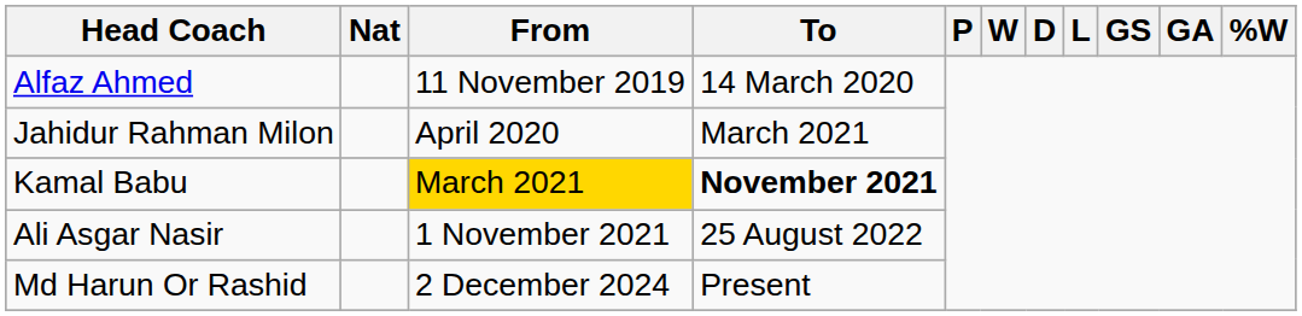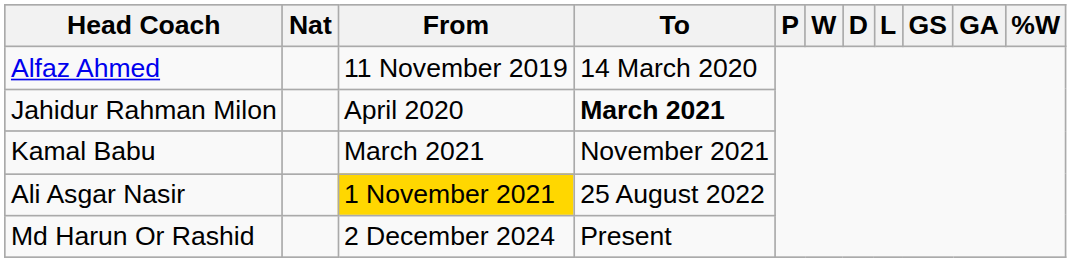 <table class="wikitable sortable" style="tex-align:center">
 <tr>
 <th>Head Coach</th>
 <th>Nat</th>
 <th class="unsortable">From</th>
 <th class="unsortable">To</th>
 <th abbr="1">P</th>
 <th abbr="0">W</th>
 <th abbr="0">D</th>
 <th abbr="1">L</th>
 <th abbr="0">GS</th>
 <th abbr="1">GA</th>
 <th abbr="00">%W</th>
 </tr>
 <tr>
 <td align=left><a href='#'>Alfaz Ahmed</a></td>
 <td align=left></td>
 <td align=left>11 November 2019</td>
 <td align=left>14 March 2020<br></td>
 </tr>
 <tr>
 <td align=left>Jahidur Rahman Milon</td>
 <td align=left></td>
 <td align=left>April 2020</td>
-<td align=left>March 2021<br></td>
+<td align=left><strong>March 2021<br></strong></td>
 </tr>
 <tr>
 <td align=left>Kamal Babu</td>
 <td align=left></td>
-<td align=left style="background: gold;">March  2021</td>
-<td align=left><strong>November 2021<br></strong></td>
+<td align=left>March  2021</td>
+<td align=left>November 2021<br></td>
 </tr>
 <tr>
 <td align=left>Ali Asgar Nasir</td>
 <td align=left></td>
-<td align=left>1 November 2021</td>
+<td align=left style="background: gold;">1 November 2021</td>
 <td align=left>25 August 2022<br></td>
 </tr>
 <tr>
 <td align=left>Md Harun Or Rashid</td>
 <td align=left></td>
 <td align=left>2 December 2024</td>
 <td align=left>Present<br></td>
 </tr>
 </table>
